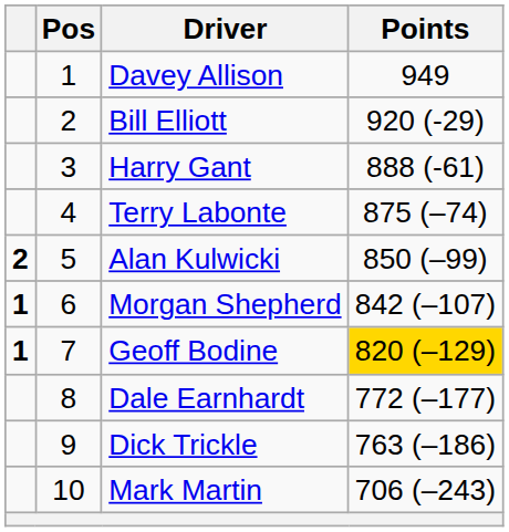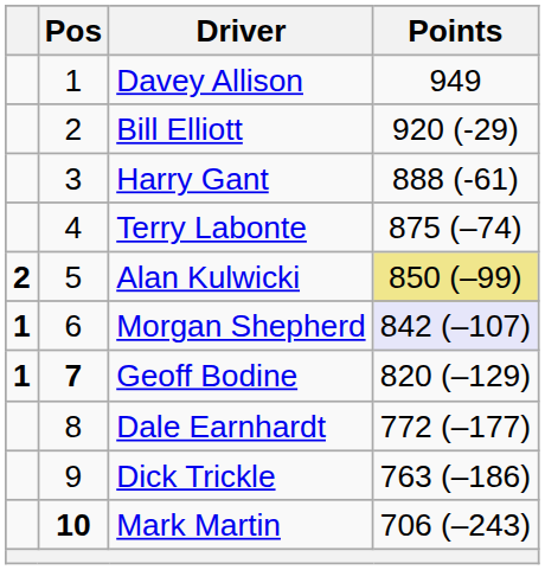 <table class="wikitable" style="font-size: 95%;">
 <tr>
 <th></th>
 <th>Pos</th>
 <th>Driver</th>
 <th>Points</th>
 </tr>
 <tr>
 <td align="left"></td>
 <td style="text-align:center;">1</td>
 <td><a href='#'>Davey Allison</a></td>
 <td style="text-align:center;">949</td>
 </tr>
 <tr>
 <td align="left"></td>
 <td style="text-align:center;">2</td>
 <td><a href='#'>Bill Elliott</a></td>
 <td style="text-align:center;">920 (-29)</td>
 </tr>
 <tr>
 <td align="left"></td>
 <td style="text-align:center;">3</td>
 <td><a href='#'>Harry Gant</a></td>
 <td style="text-align:center;">888 (-61)</td>
 </tr>
 <tr>
 <td align="left"></td>
 <td style="text-align:center;">4</td>
 <td><a href='#'>Terry Labonte</a></td>
 <td style="text-align:center;">875 (–74)</td>
 </tr>
 <tr>
 <td align="left"> <strong>2</strong></td>
 <td style="text-align:center;">5</td>
 <td><a href='#'>Alan Kulwicki</a></td>
-<td style="text-align:center;">850 (–99)</td>
+<td style="background: khaki; text-align:center;">850 (–99)</td>
 </tr>
 <tr>
 <td align="left"> <strong>1</strong></td>
 <td style="text-align:center;">6</td>
 <td><a href='#'>Morgan Shepherd</a></td>
-<td style="text-align:center;">842 (–107)</td>
+<td style="background: lavender; text-align:center;">842 (–107)</td>
 </tr>
 <tr>
 <td align="left"> <strong>1</strong></td>
-<td style="text-align:center;">7</td>
+<td style="text-align:center;"><strong>7</strong></td>
 <td><a href='#'>Geoff Bodine</a></td>
-<td style="background: gold; text-align:center;">820 (–129)</td>
+<td style="text-align:center;">820 (–129)</td>
 </tr>
 <tr>
 <td align="left"></td>
 <td style="text-align:center;">8</td>
 <td><a href='#'>Dale Earnhardt</a></td>
 <td style="text-align:center;">772 (–177)</td>
 </tr>
 <tr>
 <td align="left"></td>
 <td style="text-align:center;">9</td>
 <td><a href='#'>Dick Trickle</a></td>
 <td style="text-align:center;">763 (–186)</td>
 </tr>
 <tr>
 <td align="left"></td>
-<td style="text-align:center;">10</td>
+<td style="text-align:center;"><strong>10</strong></td>
 <td><a href='#'>Mark Martin</a></td>
 <td style="text-align:center;">706 (–243)</td>
 </tr>
 <tr class="sortbottom">
 <th colspan="9"></th>
 </tr>
 </table>
